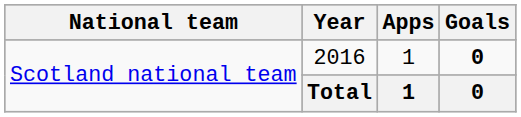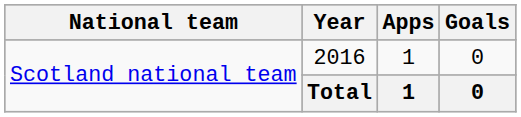 <table class="wikitable" style="text-align:center">
 <tr>
 <th>National team</th>
 <th>Year</th>
 <th>Apps</th>
 <th>Goals</th>
 </tr>
 <tr>
 <td rowspan="2"><a href='#'>Scotland national team</a></td>
 <td>2016</td>
 <td>1</td>
-<td><strong>0</strong></td>
+<td>0</td>
 </tr>
 <tr>
 <th>Total</th>
 <th>1</th>
 <th>0</th>
 </tr>
 </table>
